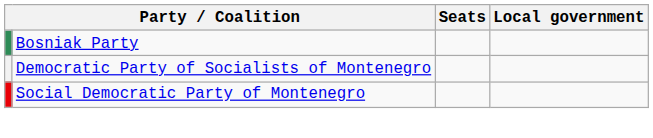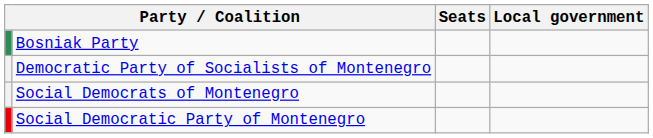 <table class="wikitable" style="text-align:left;">
 <tr>
 <th colspan=2>Party / Coalition</th>
 <th>Seats</th>
 <th>Local government</th>
 </tr>
 <tr>
 <th style="background-color: #2E8B57"></th>
 <td><a href='#'>Bosniak Party</a></td>
 <td></td>
 <td></td>
 </tr>
 <tr>
 <th style="background-color: "></th>
 <td><a href='#'>Democratic Party of Socialists of Montenegro</a></td>
 <td></td>
 <td></td>
 </tr>
 <tr>
+<th style="background-color: "></th>
+<td><a href='#'>Social Democrats of Montenegro</a></td>
+<td></td>
+<td></td>
+</tr>
+<tr>
 <th style="background-color: #E90007"></th>
 <td><a href='#'>Social Democratic Party of Montenegro</a></td>
 <td></td>
 <td></td>
 </tr>
 </table>
